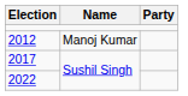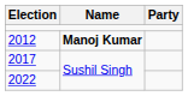 <table class="wikitable sortable">
 <tr>
 <th>Election</th>
 <th>Name</th>
 <th colspan="2">Party</th>
 </tr>
 <tr>
 <td colspan="4"></td>
 </tr>
 <tr>
 <td><a href='#'>2012</a></td>
-<td>Manoj Kumar</td>
+<td><strong>Manoj Kumar</strong></td>
 <td></td>
 </tr>
 <tr>
 <td><a href='#'>2017</a></td>
 <td rowspan="2"><a href='#'>Sushil Singh</a></td>
 <td></td>
 </tr>
 <tr>
 <td><a href='#'>2022</a></td>
 </tr>
 </table>
